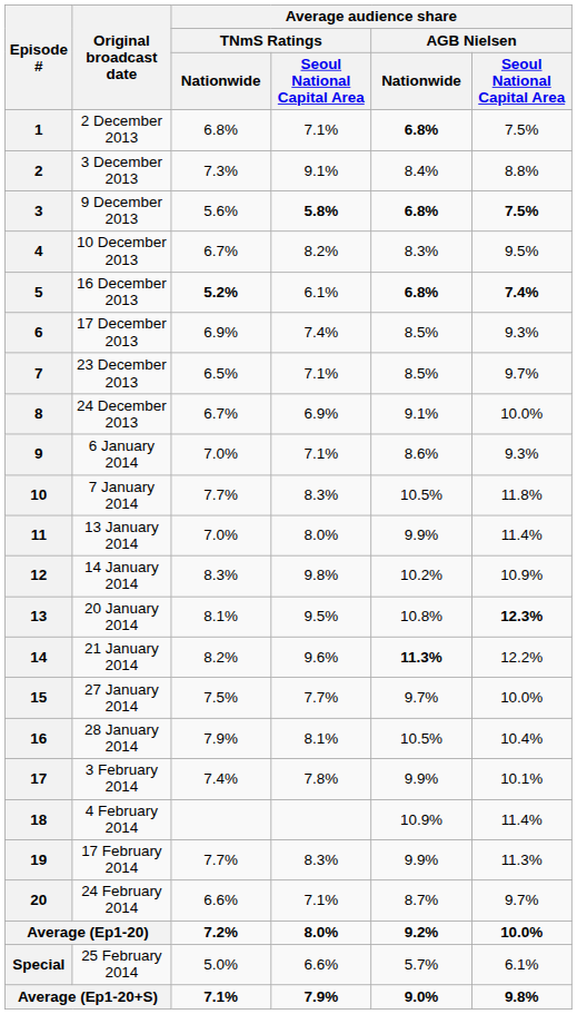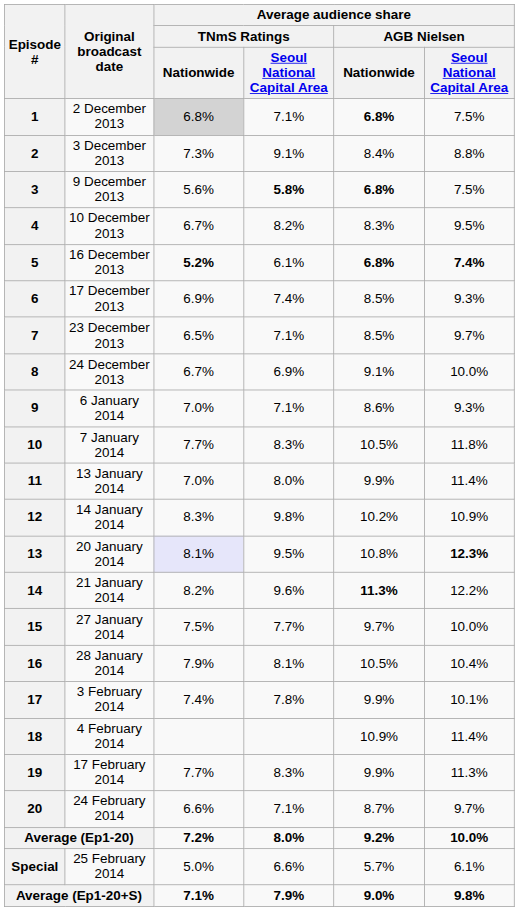 <table class=wikitable style="text-align:center">
 <tr>
 <th rowspan="3">Episode #</th>
 <th rowspan="3">Original broadcast date</th>
 <th colspan="4">Average audience share</th>
 </tr>
 <tr>
 <th colspan="2">TNmS Ratings</th>
 <th colspan="2">AGB Nielsen</th>
 </tr>
 <tr>
 <th width=100>Nationwide</th>
 <th width=100><a href='#'>Seoul National Capital Area</a></th>
 <th width=100>Nationwide</th>
 <th width=100><a href='#'>Seoul National Capital Area</a></th>
 </tr>
 <tr>
 <th>1</th>
 <td>2 December 2013</td>
-<td>6.8%</td>
+<td style="background: lightgrey;">6.8%</td>
 <td>7.1%</td>
 <td><span><strong>6.8%</strong></span></td>
 <td>7.5%</td>
 </tr>
 <tr>
 <th>2</th>
 <td>3 December 2013</td>
 <td>7.3%</td>
 <td>9.1%</td>
 <td>8.4%</td>
 <td>8.8%</td>
 </tr>
 <tr>
 <th>3</th>
 <td>9 December 2013</td>
 <td>5.6%</td>
 <td><span><strong>5.8%</strong></span></td>
 <td><span><strong>6.8%</strong></span></td>
-<td><strong>7.5%</strong></td>
+<td>7.5%</td>
 </tr>
 <tr>
 <th>4</th>
 <td>10 December 2013</td>
 <td>6.7%</td>
 <td>8.2%</td>
 <td>8.3%</td>
 <td>9.5%</td>
 </tr>
 <tr>
 <th>5</th>
 <td>16 December 2013</td>
 <td><span><strong>5.2%</strong></span></td>
 <td>6.1%</td>
 <td><span><strong>6.8%</strong></span></td>
 <td><span><strong>7.4%</strong></span></td>
 </tr>
 <tr>
 <th>6</th>
 <td>17 December 2013</td>
 <td>6.9%</td>
 <td>7.4%</td>
 <td>8.5%</td>
 <td>9.3%</td>
 </tr>
 <tr>
 <th>7</th>
 <td>23 December 2013</td>
 <td>6.5%</td>
 <td>7.1%</td>
 <td>8.5%</td>
 <td>9.7%</td>
 </tr>
 <tr>
 <th>8</th>
 <td>24 December 2013</td>
 <td>6.7%</td>
 <td>6.9%</td>
 <td>9.1%</td>
 <td>10.0%</td>
 </tr>
 <tr>
 <th>9</th>
 <td>6 January 2014</td>
 <td>7.0%</td>
 <td>7.1%</td>
 <td>8.6%</td>
 <td>9.3%</td>
 </tr>
 <tr>
 <th>10</th>
 <td>7 January 2014</td>
 <td>7.7%</td>
 <td>8.3%</td>
 <td>10.5%</td>
 <td>11.8%</td>
 </tr>
 <tr>
 <th>11</th>
 <td>13 January 2014</td>
 <td>7.0%</td>
 <td>8.0%</td>
 <td>9.9%</td>
 <td>11.4%</td>
 </tr>
 <tr>
 <th>12</th>
 <td>14 January 2014</td>
 <td>8.3%</td>
 <td>9.8%</td>
 <td>10.2%</td>
 <td>10.9%</td>
 </tr>
 <tr>
 <th>13</th>
 <td>20 January 2014</td>
-<td>8.1%</td>
+<td style="background: lavender;">8.1%</td>
 <td>9.5%</td>
 <td>10.8%</td>
 <td><span><strong>12.3%</strong></span></td>
 </tr>
 <tr>
 <th>14</th>
 <td>21 January 2014</td>
 <td>8.2%</td>
 <td>9.6%</td>
 <td><span><strong>11.3%</strong></span></td>
 <td>12.2%</td>
 </tr>
 <tr>
 <th>15</th>
 <td>27 January 2014</td>
 <td>7.5%</td>
 <td>7.7%</td>
 <td>9.7%</td>
 <td>10.0%</td>
 </tr>
 <tr>
 <th>16</th>
 <td>28 January 2014</td>
 <td>7.9%</td>
 <td>8.1%</td>
 <td>10.5%</td>
 <td>10.4%</td>
 </tr>
 <tr>
 <th>17</th>
 <td>3 February 2014</td>
 <td>7.4%</td>
 <td>7.8%</td>
 <td>9.9%</td>
 <td>10.1%</td>
 </tr>
 <tr>
 <th>18</th>
 <td>4 February 2014</td>
 <td></td>
 <td></td>
 <td>10.9%</td>
 <td>11.4%</td>
 </tr>
 <tr>
 <th>19</th>
 <td>17 February 2014</td>
 <td>7.7%</td>
 <td>8.3%</td>
 <td>9.9%</td>
 <td>11.3%</td>
 </tr>
 <tr>
 <th>20</th>
 <td>24 February 2014</td>
 <td>6.6%</td>
 <td>7.1%</td>
 <td>8.7%</td>
 <td>9.7%</td>
 </tr>
 <tr>
 <th colspan=2>Average (Ep1-20)</th>
 <td><span><strong>7.2%</strong></span></td>
 <td><span><strong>8.0%</strong></span></td>
 <td><span><strong>9.2%</strong></span></td>
 <td><span><strong>10.0%</strong></span></td>
 </tr>
 <tr>
 <th>Special</th>
 <td>25 February 2014</td>
 <td>5.0%</td>
 <td>6.6%</td>
 <td>5.7%</td>
 <td>6.1%</td>
 </tr>
 <tr>
 <th colspan=2>Average (Ep1-20+S)</th>
 <td><span><strong>7.1%</strong></span></td>
 <td><span><strong>7.9%</strong></span></td>
 <td><span><strong>9.0%</strong></span></td>
 <td><span><strong>9.8%</strong></span></td>
 </tr>
 </table>
